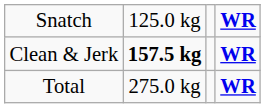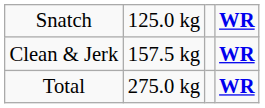 <table class = "wikitable" style="text-align:center;">
 <tr>
 <td>Snatch</td>
 <td>125.0 kg</td>
 <td align=left></td>
 <td><strong><a href='#'>WR</a></strong></td>
 </tr>
 <tr>
 <td>Clean & Jerk</td>
-<td><strong>157.5 kg</strong></td>
+<td>157.5 kg</td>
 <td align=left></td>
 <td><strong><a href='#'>WR</a></strong></td>
 </tr>
 <tr>
 <td>Total</td>
 <td>275.0 kg</td>
 <td align=left></td>
 <td><strong><a href='#'>WR</a></strong></td>
 </tr>
 </table>
